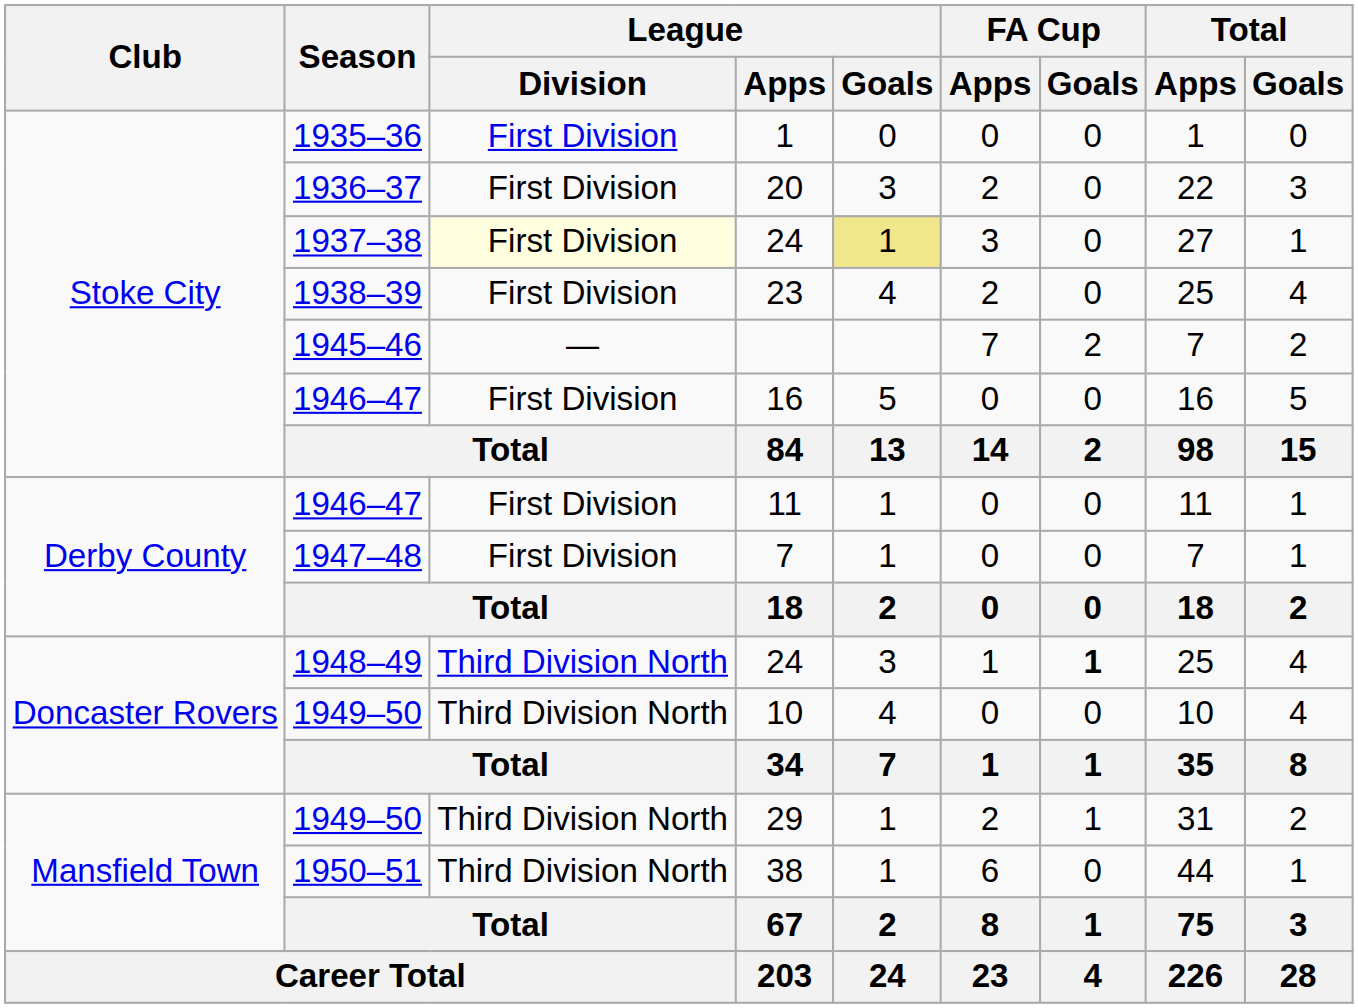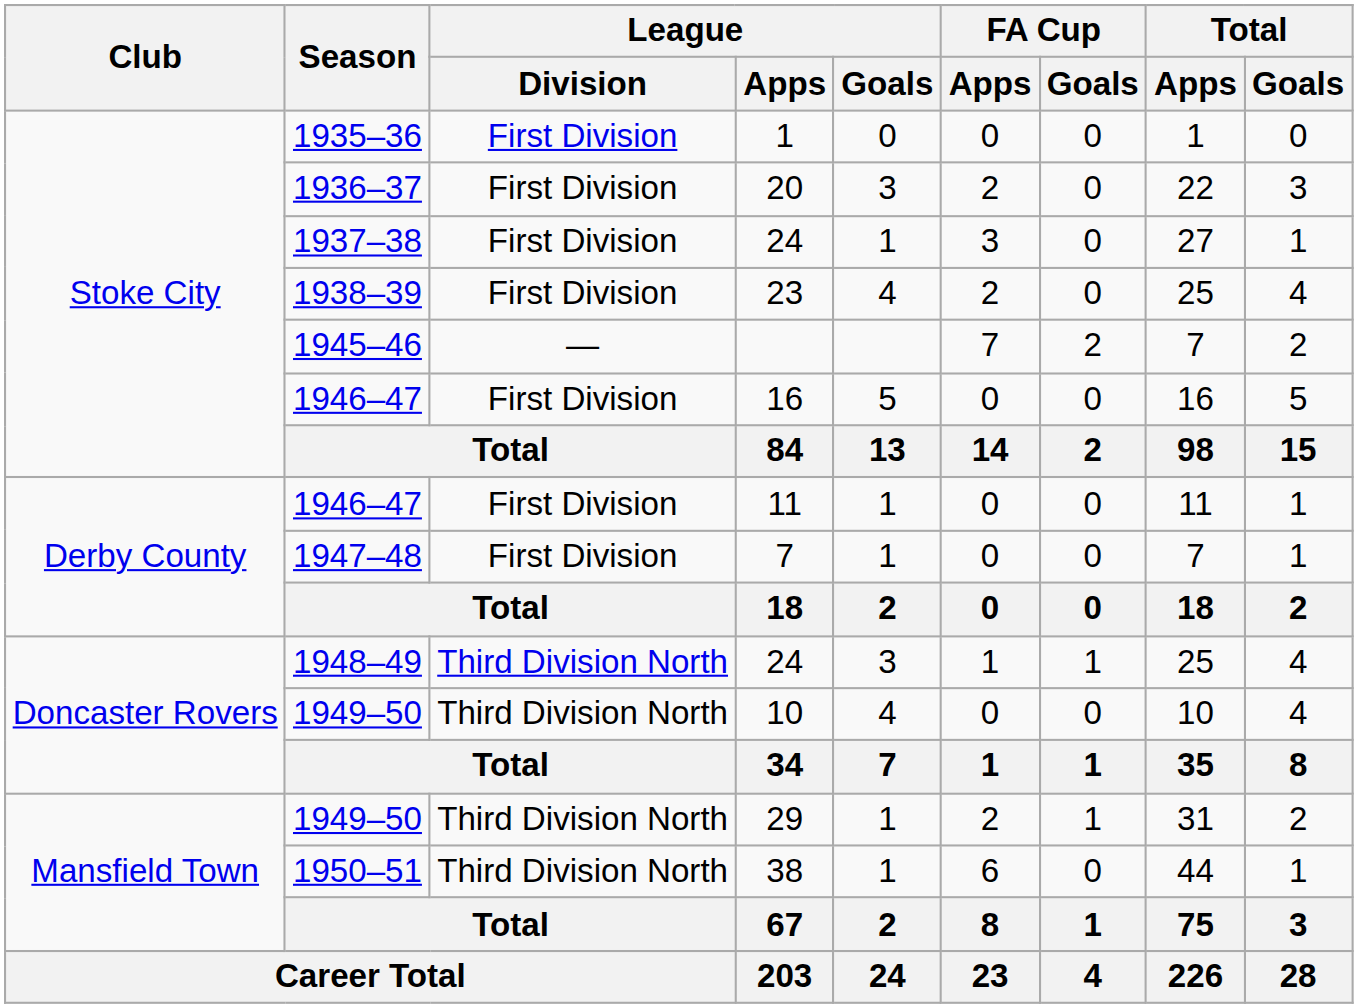 <table class="wikitable" style="text-align: center;">
 <tr>
 <th rowspan="2">Club</th>
 <th rowspan="2">Season</th>
 <th colspan="3">League</th>
 <th colspan="2">FA Cup</th>
 <th colspan="2">Total</th>
 </tr>
 <tr>
 <th>Division</th>
 <th>Apps</th>
 <th>Goals</th>
 <th>Apps</th>
 <th>Goals</th>
 <th>Apps</th>
 <th>Goals</th>
 </tr>
 <tr>
 <td rowspan="7"><a href='#'>Stoke City</a></td>
 <td><a href='#'>1935–36</a></td>
 <td><a href='#'>First Division</a></td>
 <td>1</td>
 <td>0</td>
 <td>0</td>
 <td>0</td>
 <td>1</td>
 <td>0</td>
 </tr>
 <tr>
 <td><a href='#'>1936–37</a></td>
 <td>First Division</td>
 <td>20</td>
 <td>3</td>
 <td>2</td>
 <td>0</td>
 <td>22</td>
 <td>3</td>
 </tr>
 <tr>
 <td><a href='#'>1937–38</a></td>
-<td style="background: lightyellow;">First Division</td>
+<td>First Division</td>
 <td>24</td>
-<td style="background: khaki;">1</td>
+<td>1</td>
 <td>3</td>
 <td>0</td>
 <td>27</td>
 <td>1</td>
 </tr>
 <tr>
 <td><a href='#'>1938–39</a></td>
 <td>First Division</td>
 <td>23</td>
 <td>4</td>
 <td>2</td>
 <td>0</td>
 <td>25</td>
 <td>4</td>
 </tr>
 <tr>
 <td><a href='#'>1945–46</a></td>
 <td>—</td>
 <td></td>
 <td></td>
 <td>7</td>
 <td>2</td>
 <td>7</td>
 <td>2</td>
 </tr>
 <tr>
 <td><a href='#'>1946–47</a></td>
 <td>First Division</td>
 <td>16</td>
 <td>5</td>
 <td>0</td>
 <td>0</td>
 <td>16</td>
 <td>5</td>
 </tr>
 <tr>
 <th colspan=2>Total</th>
 <th>84</th>
 <th>13</th>
 <th>14</th>
 <th>2</th>
 <th>98</th>
 <th>15</th>
 </tr>
 <tr>
 <td rowspan="3"><a href='#'>Derby County</a></td>
 <td><a href='#'>1946–47</a></td>
 <td>First Division</td>
 <td>11</td>
 <td>1</td>
 <td>0</td>
 <td>0</td>
 <td>11</td>
 <td>1</td>
 </tr>
 <tr>
 <td><a href='#'>1947–48</a></td>
 <td>First Division</td>
 <td>7</td>
 <td>1</td>
 <td>0</td>
 <td>0</td>
 <td>7</td>
 <td>1</td>
 </tr>
 <tr>
 <th colspan=2>Total</th>
 <th>18</th>
 <th>2</th>
 <th>0</th>
 <th>0</th>
 <th>18</th>
 <th>2</th>
 </tr>
 <tr>
 <td rowspan="3"><a href='#'>Doncaster Rovers</a></td>
 <td><a href='#'>1948–49</a></td>
 <td><a href='#'>Third Division North</a></td>
 <td>24</td>
 <td>3</td>
 <td>1</td>
-<td><strong>1</strong></td>
+<td>1</td>
 <td>25</td>
 <td>4</td>
 </tr>
 <tr>
 <td><a href='#'>1949–50</a></td>
 <td>Third Division North</td>
 <td>10</td>
 <td>4</td>
 <td>0</td>
 <td>0</td>
 <td>10</td>
 <td>4</td>
 </tr>
 <tr>
 <th colspan=2>Total</th>
 <th>34</th>
 <th>7</th>
 <th>1</th>
 <th>1</th>
 <th>35</th>
 <th>8</th>
 </tr>
 <tr>
 <td rowspan="3"><a href='#'>Mansfield Town</a></td>
 <td><a href='#'>1949–50</a></td>
 <td>Third Division North</td>
 <td>29</td>
 <td>1</td>
 <td>2</td>
 <td>1</td>
 <td>31</td>
 <td>2</td>
 </tr>
 <tr>
 <td><a href='#'>1950–51</a></td>
 <td>Third Division North</td>
 <td>38</td>
 <td>1</td>
 <td>6</td>
 <td>0</td>
 <td>44</td>
 <td>1</td>
 </tr>
 <tr>
 <th colspan=2>Total</th>
 <th>67</th>
 <th>2</th>
 <th>8</th>
 <th>1</th>
 <th>75</th>
 <th>3</th>
 </tr>
 <tr>
 <th colspan="3">Career Total</th>
 <th>203</th>
 <th>24</th>
 <th>23</th>
 <th>4</th>
 <th>226</th>
 <th>28</th>
 </tr>
 </table>
